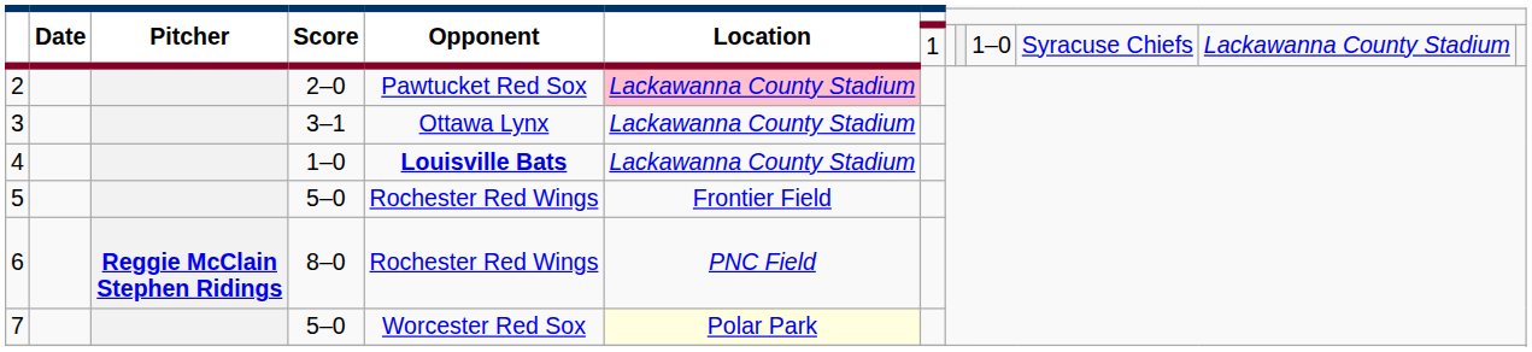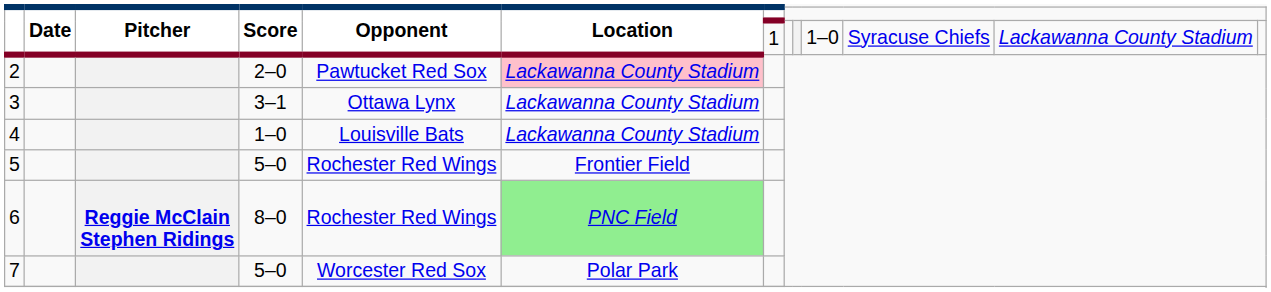 <table class="wikitable sortable plainrowheaders" style="text-align:center">
 <tr>
 <th rowspan="2" scope="col" style="background-color:#ffffff; border-top:#003366 5px solid; border-bottom:#840026 5px solid; color:#000000"></th>
 <th rowspan="2" scope="col" style="background-color:#ffffff; border-top:#003366 5px solid; border-bottom:#840026 5px solid; color:#000000">Date</th>
 <th rowspan="2" scope="col" style="background-color:#ffffff; border-top:#003366 5px solid; border-bottom:#840026 5px solid; color:#000000">Pitcher</th>
 <th rowspan="2" scope="col" style="background-color:#ffffff; border-top:#003366 5px solid; border-bottom:#840026 5px solid; color:#000000">Score</th>
 <th rowspan="2" scope="col" style="background-color:#ffffff; border-top:#003366 5px solid; border-bottom:#840026 5px solid; color:#000000">Opponent</th>
 <th rowspan="2" scope="col" style="background-color:#ffffff; border-top:#003366 5px solid; border-bottom:#840026 5px solid; color:#000000">Location</th>
 <th class="unsortable" scope="col" style="background-color:#ffffff; border-top:#003366 5px solid; border-bottom:#840026 5px solid; color:#000000"></th>
 </tr>
 <tr>
 <td>1</td>
 <td></td>
 <th scope="row" style="text-align:center"></th>
 <td>1–0 </td>
 <td><a href='#'>Syracuse Chiefs</a></td>
 <td><em><a href='#'>Lackawanna County Stadium</a></em></td>
 <td></td>
 </tr>
 <tr>
 <td>2</td>
 <td></td>
 <th scope="row" style="text-align:center"></th>
 <td>2–0 </td>
 <td><a href='#'>Pawtucket Red Sox</a></td>
 <td style="background: pink;"><em><a href='#'>Lackawanna County Stadium</a></em></td>
 <td></td>
 </tr>
 <tr>
 <td>3</td>
 <td></td>
 <th scope="row" style="text-align:center"></th>
 <td>3–1 </td>
 <td><a href='#'>Ottawa Lynx</a></td>
 <td><em><a href='#'>Lackawanna County Stadium</a></em></td>
 <td></td>
 </tr>
 <tr>
 <td>4</td>
 <td></td>
 <th scope="row" style="text-align:center"></th>
 <td>1–0 </td>
-<td><strong><a href='#'>Louisville Bats</a></strong></td>
+<td><a href='#'>Louisville Bats</a></td>
 <td><em><a href='#'>Lackawanna County Stadium</a></em></td>
 <td></td>
 </tr>
 <tr>
 <td>5</td>
 <td></td>
 <th scope="row" style="text-align:center"></th>
 <td>5–0</td>
 <td><a href='#'>Rochester Red Wings</a></td>
 <td><a href='#'>Frontier Field</a></td>
 <td></td>
 </tr>
 <tr>
 <td>6</td>
 <td></td>
 <th scope="row" style="text-align:center"> <br><a href='#'>Reggie McClain</a> <br><a href='#'>Stephen Ridings</a> </th>
 <td>8–0</td>
 <td><a href='#'>Rochester Red Wings</a></td>
-<td><em><a href='#'>PNC Field</a></em></td>
+<td style="background: lightgreen;"><em><a href='#'>PNC Field</a></em></td>
 <td></td>
 </tr>
 <tr>
 <td>7</td>
 <td></td>
 <th scope="row" style="text-align:center"></th>
 <td>5–0 </td>
 <td><a href='#'>Worcester Red Sox</a></td>
-<td style="background: lightyellow;"><a href='#'>Polar Park</a></td>
+<td><a href='#'>Polar Park</a></td>
 <td></td>
 </tr>
 <tr>
 </tr>
 </table>
